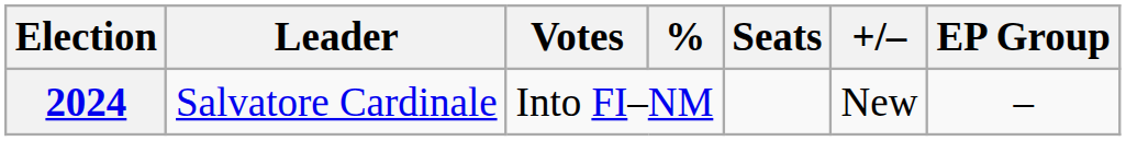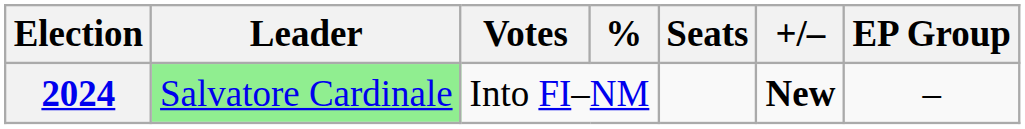 <table class="wikitable" style="text-align:center">
 <tr>
 <th>Election</th>
 <th>Leader</th>
 <th>Votes</th>
 <th>%</th>
 <th>Seats</th>
 <th>+/–</th>
 <th>EP Group</th>
 </tr>
 <tr>
 <th><a href='#'>2024</a></th>
-<td><a href='#'>Salvatore Cardinale</a></td>
+<td style="background: lightgreen;"><a href='#'>Salvatore Cardinale</a></td>
 <td colspan="2">Into <a href='#'>FI</a>–<a href='#'>NM</a></td>
 <td></td>
-<td>New</td>
+<td><strong>New</strong></td>
 <td>–</td>
 </tr>
 </table>
